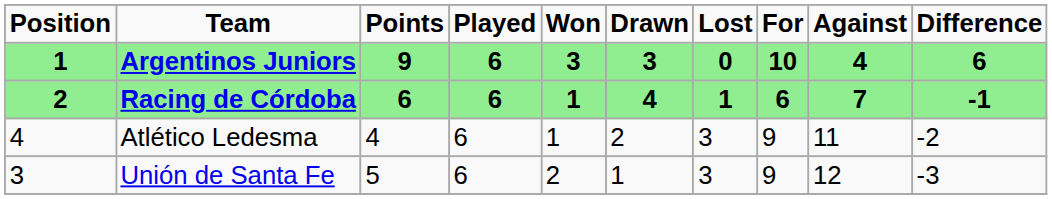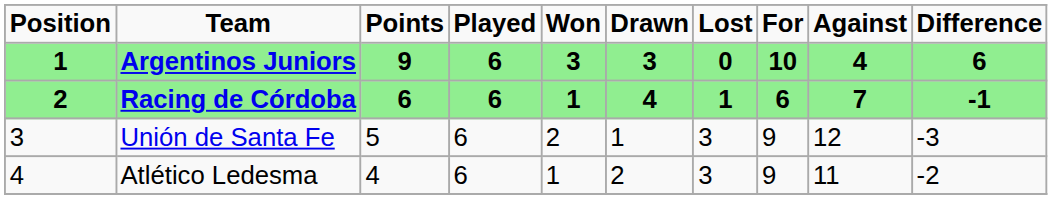 <table border="2" cellpadding="2" cellspacing="0" style="margin: 0; background: #f9f9f9; border: 1px #aaa solid; border-collapse: collapse; font-size: 85%;">
 <tr>
 <th>Position</th>
 <th>Team</th>
 <th>Points</th>
 <th>Played</th>
 <th>Won</th>
 <th>Drawn</th>
 <th>Lost</th>
 <th>For</th>
 <th>Against</th>
 <th>Difference</th>
 </tr>
 <tr>
 <th bgcolor="lightgreen">1</th>
 <th bgcolor="lightgreen"><a href='#'>Argentinos Juniors</a></th>
 <th bgcolor="lightgreen">9</th>
 <th bgcolor="lightgreen">6</th>
 <th bgcolor="lightgreen">3</th>
 <th bgcolor="lightgreen">3</th>
 <th bgcolor="lightgreen">0</th>
 <th bgcolor="lightgreen">10</th>
 <th bgcolor="lightgreen">4</th>
 <th bgcolor="lightgreen">6</th>
 </tr>
 <tr>
 <th bgcolor="lightgreen">2</th>
 <th bgcolor="lightgreen"><a href='#'>Racing de Córdoba</a></th>
 <th bgcolor="lightgreen">6</th>
 <th bgcolor="lightgreen">6</th>
 <th bgcolor="lightgreen">1</th>
 <th bgcolor="lightgreen">4</th>
 <th bgcolor="lightgreen">1</th>
 <th bgcolor="lightgreen">6</th>
 <th bgcolor="lightgreen">7</th>
 <th bgcolor="lightgreen">-1</th>
 </tr>
 <tr>
+<td>3</td>
+<td><a href='#'>Unión de Santa Fe</a></td>
+<td>5</td>
+<td>6</td>
+<td>2</td>
+<td>1</td>
+<td>3</td>
+<td>9</td>
+<td>12</td>
+<td>-3</td>
+</tr>
+<tr>
 <td>4</td>
 <td>Atlético Ledesma</td>
 <td>4</td>
 <td>6</td>
 <td>1</td>
 <td>2</td>
 <td>3</td>
 <td>9</td>
 <td>11</td>
 <td>-2</td>
 </tr>
 <tr>
-<td>3</td>
-<td><a href='#'>Unión de Santa Fe</a></td>
-<td>5</td>
-<td>6</td>
-<td>2</td>
-<td>1</td>
-<td>3</td>
-<td>9</td>
-<td>12</td>
-<td>-3</td>
-</tr>
-<tr>
 </tr>
 </table>
